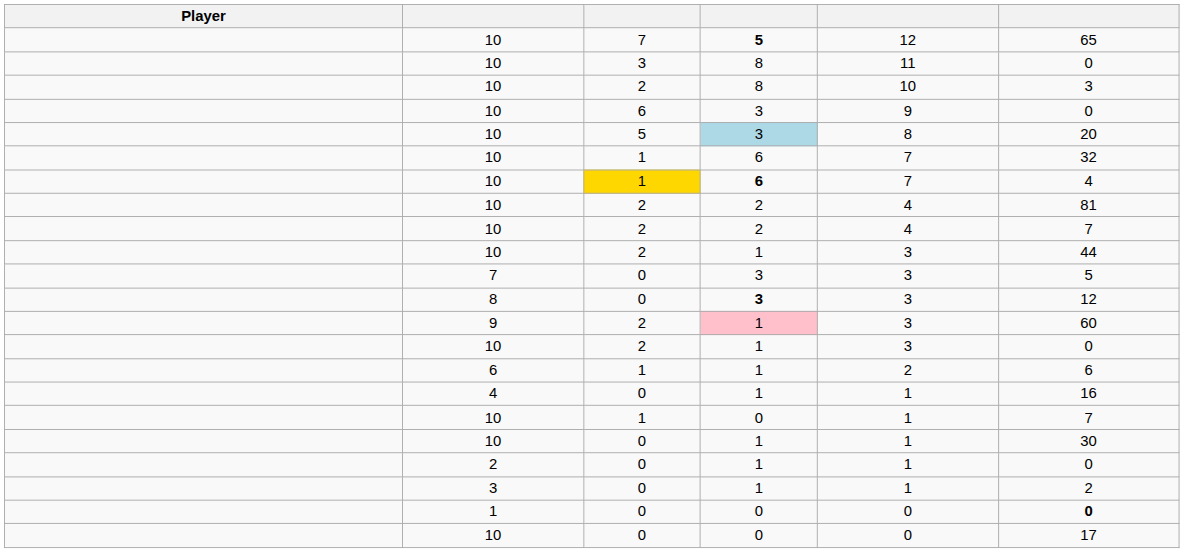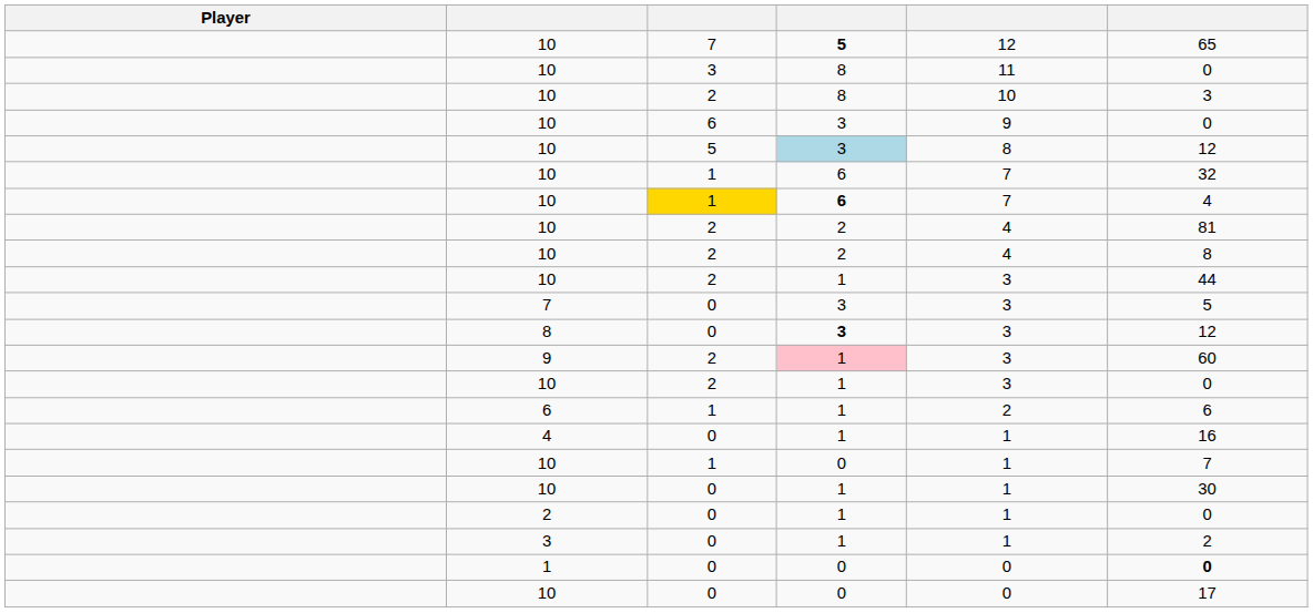 <table class="wikitable sortable" style="width:100%;">
 <tr align=center>
 <th>Player</th>
 <th></th>
 <th></th>
 <th></th>
 <th></th>
 <th></th>
 </tr>
 <tr align=center>
 <td></td>
 <td>10</td>
 <td>7</td>
 <td><strong>5</strong></td>
 <td>12</td>
 <td>65</td>
 </tr>
 <tr align=center>
 <td></td>
 <td>10</td>
 <td>3</td>
 <td>8</td>
 <td>11</td>
 <td>0</td>
 </tr>
 <tr align=center>
 <td></td>
 <td>10</td>
 <td>2</td>
 <td>8</td>
 <td>10</td>
 <td>3</td>
 </tr>
 <tr align=center>
 <td></td>
 <td>10</td>
 <td>6</td>
 <td>3</td>
 <td>9</td>
 <td>0</td>
 </tr>
 <tr align=center>
 <td></td>
 <td>10</td>
 <td>5</td>
 <td style="background: lightblue;">3</td>
 <td>8</td>
-<td>20</td>
+<td>12</td>
 </tr>
 <tr align=center>
 <td></td>
 <td>10</td>
 <td>1</td>
 <td>6</td>
 <td>7</td>
 <td>32</td>
 </tr>
 <tr align=center>
 <td></td>
 <td>10</td>
 <td style="background: gold;">1</td>
 <td><strong>6</strong></td>
 <td>7</td>
 <td>4</td>
 </tr>
 <tr align=center>
 <td></td>
 <td>10</td>
 <td>2</td>
 <td>2</td>
 <td>4</td>
 <td>81</td>
 </tr>
 <tr align=center>
 <td></td>
 <td>10</td>
 <td>2</td>
 <td>2</td>
 <td>4</td>
-<td>7</td>
+<td>8</td>
 </tr>
 <tr align=center>
 <td></td>
 <td>10</td>
 <td>2</td>
 <td>1</td>
 <td>3</td>
 <td>44</td>
 </tr>
 <tr align=center>
 <td></td>
 <td>7</td>
 <td>0</td>
 <td>3</td>
 <td>3</td>
 <td>5</td>
 </tr>
 <tr align=center>
 <td></td>
 <td>8</td>
 <td>0</td>
 <td><strong>3</strong></td>
 <td>3</td>
 <td>12</td>
 </tr>
 <tr align=center>
 <td></td>
 <td>9</td>
 <td>2</td>
 <td style="background: pink;">1</td>
 <td>3</td>
 <td>60</td>
 </tr>
 <tr align=center>
 <td></td>
 <td>10</td>
 <td>2</td>
 <td>1</td>
 <td>3</td>
 <td>0</td>
 </tr>
 <tr align=center>
 <td></td>
 <td>6</td>
 <td>1</td>
 <td>1</td>
 <td>2</td>
 <td>6</td>
 </tr>
 <tr align=center>
 <td></td>
 <td>4</td>
 <td>0</td>
 <td>1</td>
 <td>1</td>
 <td>16</td>
 </tr>
 <tr align=center>
 <td></td>
 <td>10</td>
 <td>1</td>
 <td>0</td>
 <td>1</td>
 <td>7</td>
 </tr>
 <tr align=center>
 <td></td>
 <td>10</td>
 <td>0</td>
 <td>1</td>
 <td>1</td>
 <td>30</td>
 </tr>
 <tr align=center>
 <td></td>
 <td>2</td>
 <td>0</td>
 <td>1</td>
 <td>1</td>
 <td>0</td>
 </tr>
 <tr align=center>
 <td></td>
 <td>3</td>
 <td>0</td>
 <td>1</td>
 <td>1</td>
 <td>2</td>
 </tr>
 <tr align=center>
 <td></td>
 <td>1</td>
 <td>0</td>
 <td>0</td>
 <td>0</td>
 <td><strong>0</strong></td>
 </tr>
 <tr align=center>
 <td></td>
 <td>10</td>
 <td>0</td>
 <td>0</td>
 <td>0</td>
 <td>17</td>
 </tr>
 </table>
